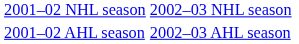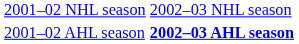 <table>
 <tr>
 <td><a href='#'>2001–02 NHL season</a></td>
 <td><a href='#'>2002–03 NHL season</a></td>
 </tr>
 <tr>
 <td><a href='#'>2001–02 AHL season</a></td>
-<td><a href='#'>2002–03 AHL season</a></td>
+<td><strong><a href='#'>2002–03 AHL season</a></strong></td>
 </tr>
 <tr>
 </tr>
 </table>
